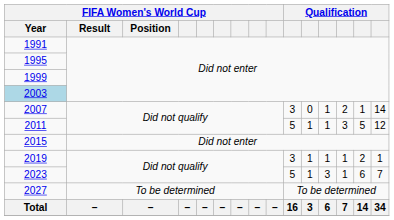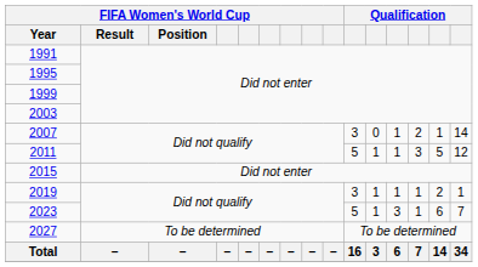 <table class="wikitable" style="text-align:center;">
 <tr>
 <th colspan="9"><a href='#'>FIFA Women's World Cup</a></th>
 <th colspan="6"><a href='#'>Qualification</a></th>
 </tr>
 <tr>
 <th style="width:90px;">Year</th>
 <th style="width:80px;">Result</th>
 <th style="width:80px;">Position</th>
 <th style="width:20px;"></th>
 <th style="width:20px;"></th>
 <th style="width:20px;"></th>
 <th style="width:20px;"></th>
 <th style="width:20px;"></th>
 <th style="width:20px;"></th>
 <th style="width:20px;"></th>
 <th style="width:20px;"></th>
 <th style="width:20px;"></th>
 <th style="width:20px;"></th>
 <th style="width:20px;"></th>
 <th style="width:20px;"></th>
 </tr>
 <tr>
 <td> <a href='#'>1991</a></td>
 <td rowspan="4" colspan="14"><em>Did not enter</em></td>
 </tr>
 <tr>
 <td> <a href='#'>1995</a></td>
 </tr>
 <tr>
 <td> <a href='#'>1999</a></td>
 </tr>
 <tr>
-<td style="background: lightblue;"> <a href='#'>2003</a></td>
+<td> <a href='#'>2003</a></td>
 </tr>
 <tr>
 <td> <a href='#'>2007</a></td>
 <td rowspan="2" colspan="8"><em>Did not qualify</em></td>
 <td>3</td>
 <td>0</td>
 <td>1</td>
 <td>2</td>
 <td>1</td>
 <td>14</td>
 </tr>
 <tr>
 <td> <a href='#'>2011</a></td>
 <td>5</td>
 <td>1</td>
 <td>1</td>
 <td>3</td>
 <td>5</td>
 <td>12</td>
 </tr>
 <tr>
 <td> <a href='#'>2015</a></td>
 <td rowspan="1" colspan="14"><em>Did not enter</em></td>
 </tr>
 <tr>
 <td> <a href='#'>2019</a></td>
 <td colspan="8" rowspan=2><em>Did not qualify</em></td>
 <td>3</td>
 <td>1</td>
 <td>1</td>
 <td>1</td>
 <td>2</td>
 <td>1</td>
 </tr>
 <tr>
 <td> <a href='#'>2023</a></td>
 <td>5</td>
 <td>1</td>
 <td>3</td>
 <td>1</td>
 <td>6</td>
 <td>7</td>
 </tr>
 <tr>
 <td> <a href='#'>2027</a></td>
 <td colspan="8"><em>To be determined</em></td>
 <td colspan="6"><em>To be determined</em></td>
 </tr>
 <tr>
 <th>Total</th>
 <th>–</th>
 <th>–</th>
 <th>–</th>
 <th>–</th>
 <th>–</th>
 <th>–</th>
 <th>–</th>
 <th>–</th>
 <th>16</th>
 <th>3</th>
 <th>6</th>
 <th>7</th>
 <th>14</th>
 <th>34</th>
 </tr>
 <tr>
 </tr>
 </table>
